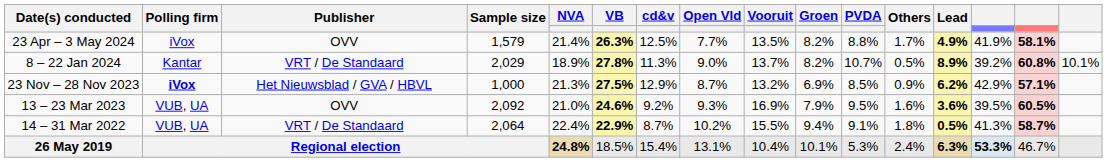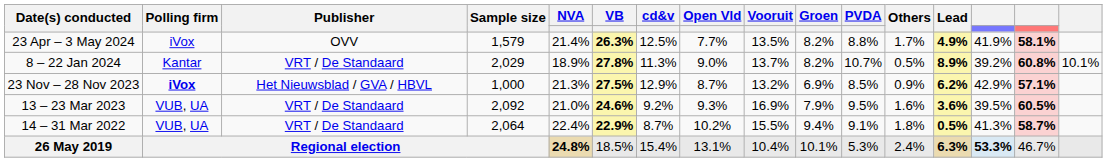 <table class="wikitable" style="text-align:center; font-size:90%; line-height:16px;">
 <tr style="background-color:#E9E9E9">
 <th style="min-width: 66px" rowspan="2">Date(s) conducted</th>
 <th rowspan="2">Polling firm</th>
 <th style="min-width: 95px" width="260" rowspan="2">Publisher</th>
 <th rowspan="2">Sample size</th>
 <th><a href='#'><span>NVA</span></a></th>
 <th><a href='#'><span>VB</span></a></th>
 <th><a href='#'><span>cd&v</span></a></th>
 <th><a href='#'><span>Open Vld</span></a></th>
 <th><a href='#'><span>Vooruit</span></a></th>
 <th><a href='#'><span>Groen</span></a></th>
 <th><a href='#'><span>PVDA</span></a></th>
 <th rowspan="2">Others</th>
 <th rowspan="2">Lead</th>
 <th></th>
 <th></th>
 <th rowspan="2"></th>
 </tr>
 <tr>
 <th class="unsortable" style="color:inherit;background:"></th>
 <th class="unsortable" style="color:inherit;background:"></th>
 <th class="unsortable" style="color:inherit;background:"></th>
 <th class="unsortable" style="color:inherit;background:"></th>
 <th class="unsortable" style="color:inherit;background:"></th>
 <th class="unsortable" style="color:inherit;background:"></th>
 <th class="unsortable" style="color:inherit;background:"></th>
 <th class="unsortable" style="color:inherit;background:#7777FF"></th>
 <th class="unsortable" style="color:inherit;background:#FF7777"></th>
 </tr>
 <tr>
 <td>23 Apr – 3 May 2024</td>
 <td><a href='#'>iVox</a></td>
 <td>OVV</td>
 <td>1,579                                                </td>
 <td>21.4%     </td>
 <td style="background-color:#fff0004d"><strong>26.3%</strong>  </td>
 <td>12.5%     </td>
 <td>7.7%     </td>
 <td>13.5%     </td>
 <td>8.2%     </td>
 <td>8.8%     </td>
 <td>1.7%     </td>
 <td style="background-color:#fff0004d"><strong>4.9%</strong>  </td>
 <td>41.9%     </td>
 <td style="background-color:#ff77774d"><strong>58.1%</strong>  </td>
 <td></td>
 </tr>
 <tr>
 <td>8 – 22 Jan 2024</td>
 <td><a href='#'>Kantar</a></td>
 <td><a href='#'>VRT</a> / <a href='#'>De Standaard</a></td>
 <td>2,029                                                </td>
 <td>18.9%     </td>
 <td style="background-color:#fff0004d"><strong>27.8%</strong>  </td>
 <td>11.3%     </td>
 <td>9.0%     </td>
 <td>13.7%     </td>
 <td>8.2%     </td>
 <td>10.7%     </td>
 <td>0.5%     </td>
 <td style="background-color:#fff0004d"><strong>8.9%</strong>  </td>
 <td>39.2%     </td>
 <td style="background-color:#ff77774d"><strong>60.8%</strong>  </td>
 <td>10.1%     </td>
 </tr>
 <tr>
 <td>23 Nov – 28 Nov 2023</td>
 <td><strong><a href='#'>iVox</a></strong></td>
 <td><a href='#'>Het Nieuwsblad</a> / <a href='#'>GVA</a> / <a href='#'>HBVL</a></td>
 <td>1,000                                                 </td>
 <td>21.3%     </td>
 <td style="background-color:#fff0004d"><strong>27.5%</strong>  </td>
 <td>12.9%     </td>
 <td>8.7%     </td>
 <td>13.2%     </td>
 <td>6.9%     </td>
 <td>8.5%     </td>
 <td>0.9%     </td>
 <td style="background-color:#fff0004d"><strong>6.2%</strong>  </td>
 <td>42.9%     </td>
 <td style="background-color:#ff77774d"><strong>57.1%</strong>  </td>
 <td></td>
 </tr>
 <tr>
 <td>13 – 23 Mar 2023</td>
 <td><a href='#'>VUB</a>, <a href='#'>UA</a></td>
-<td>OVV</td>
+<td><a href='#'>VRT</a> / <a href='#'>De Standaard</a></td>
 <td>2,092                                                </td>
 <td>21.0%     </td>
 <td style="background-color:#fff0004d"><strong>24.6%</strong>  </td>
 <td>9.2%     </td>
 <td>9.3%     </td>
 <td>16.9%     </td>
 <td>7.9%     </td>
 <td>9.5%     </td>
 <td>1.6%     </td>
 <td style="background-color:#fff0004d"><strong>3.6%</strong>  </td>
 <td>39.5%     </td>
 <td style="background-color:#ff77774d"><strong>60.5%</strong>  </td>
 <td></td>
 </tr>
 <tr>
 <td>14 – 31 Mar 2022</td>
 <td><a href='#'>VUB</a>, <a href='#'>UA</a></td>
 <td><a href='#'>VRT</a> / <a href='#'>De Standaard</a></td>
 <td>2,064                                                 </td>
 <td>22.4%     </td>
 <td style="background-color:#fff0004d"><strong>22.9%</strong>  </td>
 <td>8.7%     </td>
 <td>10.2%     </td>
 <td>15.5%     </td>
 <td>9.4%     </td>
 <td>9.1%     </td>
 <td>1.8%     </td>
 <td style="background-color:#fff0004d"><strong>0.5%</strong>  </td>
 <td>41.3%     </td>
 <td style="background-color:#ff77774d"><strong>58.7%</strong>  </td>
 <td></td>
 </tr>
 <tr style="background-color:#E9E9E9">
 <th>26 May 2019</th>
 <th colspan="3"><a href='#'>Regional election</a></th>
 <td style="background-color:#f2bd2e4d"><strong>24.8%</strong>  </td>
 <td>18.5%     </td>
 <td>15.4%     </td>
 <td>13.1%     </td>
 <td>10.4%     </td>
 <td>10.1%     </td>
 <td>5.3%     </td>
 <td>2.4%     </td>
 <td style="background-color:#f2bd2e4d"><strong>6.3%</strong>  </td>
 <td style="background:#D9E9F4"><strong>53.3%</strong>  </td>
 <td>46.7%     </td>
 <td></td>
 </tr>
 </table>
